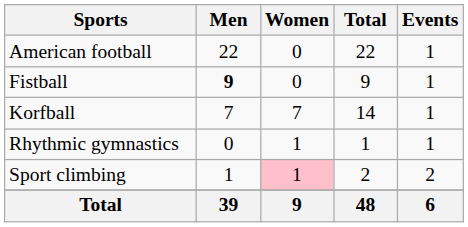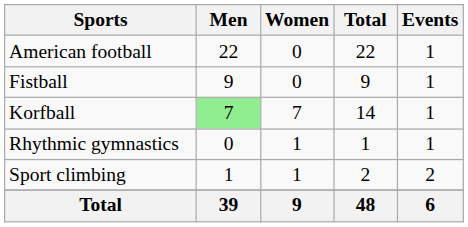 <table class="wikitable sortable" style="text-align:center;">
 <tr>
 <th width=150>Sports</th>
 <th width=45>Men</th>
 <th width=45>Women</th>
 <th width=45>Total</th>
 <th width=45>Events</th>
 </tr>
 <tr>
 <td align=left>American football</td>
 <td>22</td>
 <td>0</td>
 <td>22</td>
 <td>1</td>
 </tr>
 <tr>
 <td align=left>Fistball</td>
-<td><strong>9</strong></td>
+<td>9</td>
 <td>0</td>
 <td>9</td>
 <td>1</td>
 </tr>
 <tr>
 <td align=left>Korfball</td>
-<td>7</td>
+<td style="background: lightgreen;">7</td>
 <td>7</td>
 <td>14</td>
 <td>1</td>
 </tr>
 <tr>
 <td align=left>Rhythmic gymnastics</td>
 <td>0</td>
 <td>1</td>
 <td>1</td>
 <td>1</td>
 </tr>
 <tr>
 <td align=left>Sport climbing</td>
 <td>1</td>
-<td style="background: pink;">1</td>
+<td>1</td>
 <td>2</td>
 <td>2</td>
 </tr>
 <tr>
 </tr>
 <tr class="sortbottom">
 <th>Total</th>
 <th>39</th>
 <th>9</th>
 <th>48</th>
 <th>6</th>
 </tr>
 </table>
